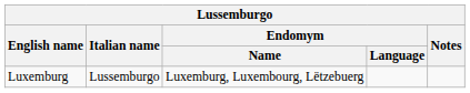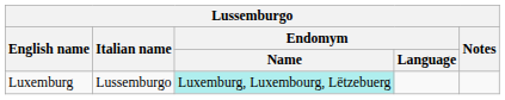 <table class="wikitable sortable">
 <tr>
 <th colspan="5"> Lussemburgo</th>
 </tr>
 <tr>
 <th rowspan="2">English name</th>
 <th rowspan="2">Italian name</th>
 <th colspan="2">Endomym</th>
 <th rowspan="2">Notes</th>
 </tr>
 <tr>
 <th>Name</th>
 <th>Language</th>
 </tr>
 <tr>
 <td>Luxemburg</td>
 <td>Lussemburgo</td>
-<td>Luxemburg, Luxembourg, Lëtzebuerg</td>
+<td style="background: paleturquoise;">Luxemburg, Luxembourg, Lëtzebuerg</td>
 <td></td>
 <td></td>
 </tr>
 </table>
